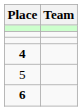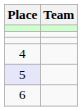 <table class="wikitable">
 <tr>
 <th>Place</th>
 <th>Team</th>
 </tr>
 <tr bgcolor=#ccffcc>
 <td align=center></td>
 <td></td>
 </tr>
 <tr>
 <td align=center></td>
 <td></td>
 </tr>
 <tr>
 <td align=center></td>
 <td></td>
 </tr>
 <tr>
-<td align=center><strong>4</strong></td>
+<td align=center>4</td>
 <td></td>
 </tr>
 <tr>
-<td align=center>5</td>
+<td align=center style="background: lavender;">5</td>
 <td></td>
 </tr>
 <tr>
-<td align=center><strong>6</strong></td>
+<td align=center>6</td>
 <td></td>
 </tr>
 </table>
